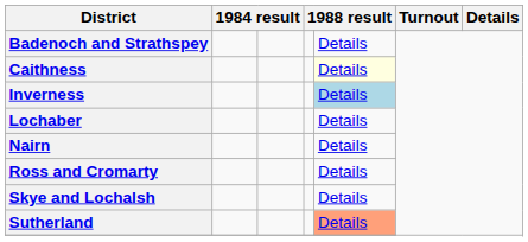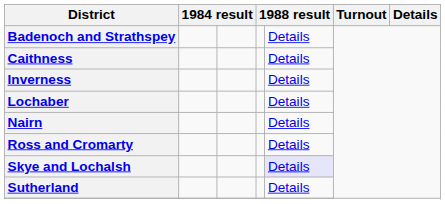 <table class="wikitable">
 <tr>
 <th scope="col">District</th>
 <th scope="col" colspan="2">1984 result</th>
 <th scope="col" colspan="2">1988 result</th>
 <th scope="col">Turnout</th>
 <th scope="col">Details</th>
 </tr>
 <tr>
 <th scope="row" style="text-align: left;"><a href='#'>Badenoch and Strathspey</a></th>
 <td></td>
 <td></td>
 <td></td>
 <td><a href='#'>Details</a></td>
 </tr>
 <tr>
 <th scope="row" style="text-align: left;"><a href='#'>Caithness</a></th>
 <td></td>
 <td></td>
 <td></td>
-<td style="background: lightyellow;"><a href='#'>Details</a></td>
+<td><a href='#'>Details</a></td>
 </tr>
 <tr>
 <th scope="row" style="text-align: left;"><a href='#'>Inverness</a></th>
 <td></td>
 <td></td>
 <td></td>
-<td style="background: lightblue;"><a href='#'>Details</a></td>
+<td><a href='#'>Details</a></td>
 </tr>
 <tr>
 <th scope="row" style="text-align: left;"><a href='#'>Lochaber</a></th>
 <td></td>
 <td></td>
 <td></td>
 <td><a href='#'>Details</a></td>
 </tr>
 <tr>
 <th scope="row" style="text-align: left;"><a href='#'>Nairn</a></th>
 <td></td>
 <td></td>
 <td></td>
 <td><a href='#'>Details</a></td>
 </tr>
 <tr>
 <th scope="row" style="text-align: left;"><a href='#'>Ross and Cromarty</a></th>
 <td></td>
 <td></td>
 <td></td>
 <td><a href='#'>Details</a></td>
 </tr>
 <tr>
 <th scope="row" style="text-align: left;"><a href='#'>Skye and Lochalsh</a></th>
 <td></td>
 <td></td>
 <td></td>
-<td><a href='#'>Details</a></td>
+<td style="background: lavender;"><a href='#'>Details</a></td>
 </tr>
 <tr>
 <th scope="row" style="text-align: left;"><a href='#'>Sutherland</a></th>
 <td></td>
 <td></td>
 <td></td>
-<td style="background: lightsalmon;"><a href='#'>Details</a></td>
+<td><a href='#'>Details</a></td>
 </tr>
 <tr>
 </tr>
 </table>
